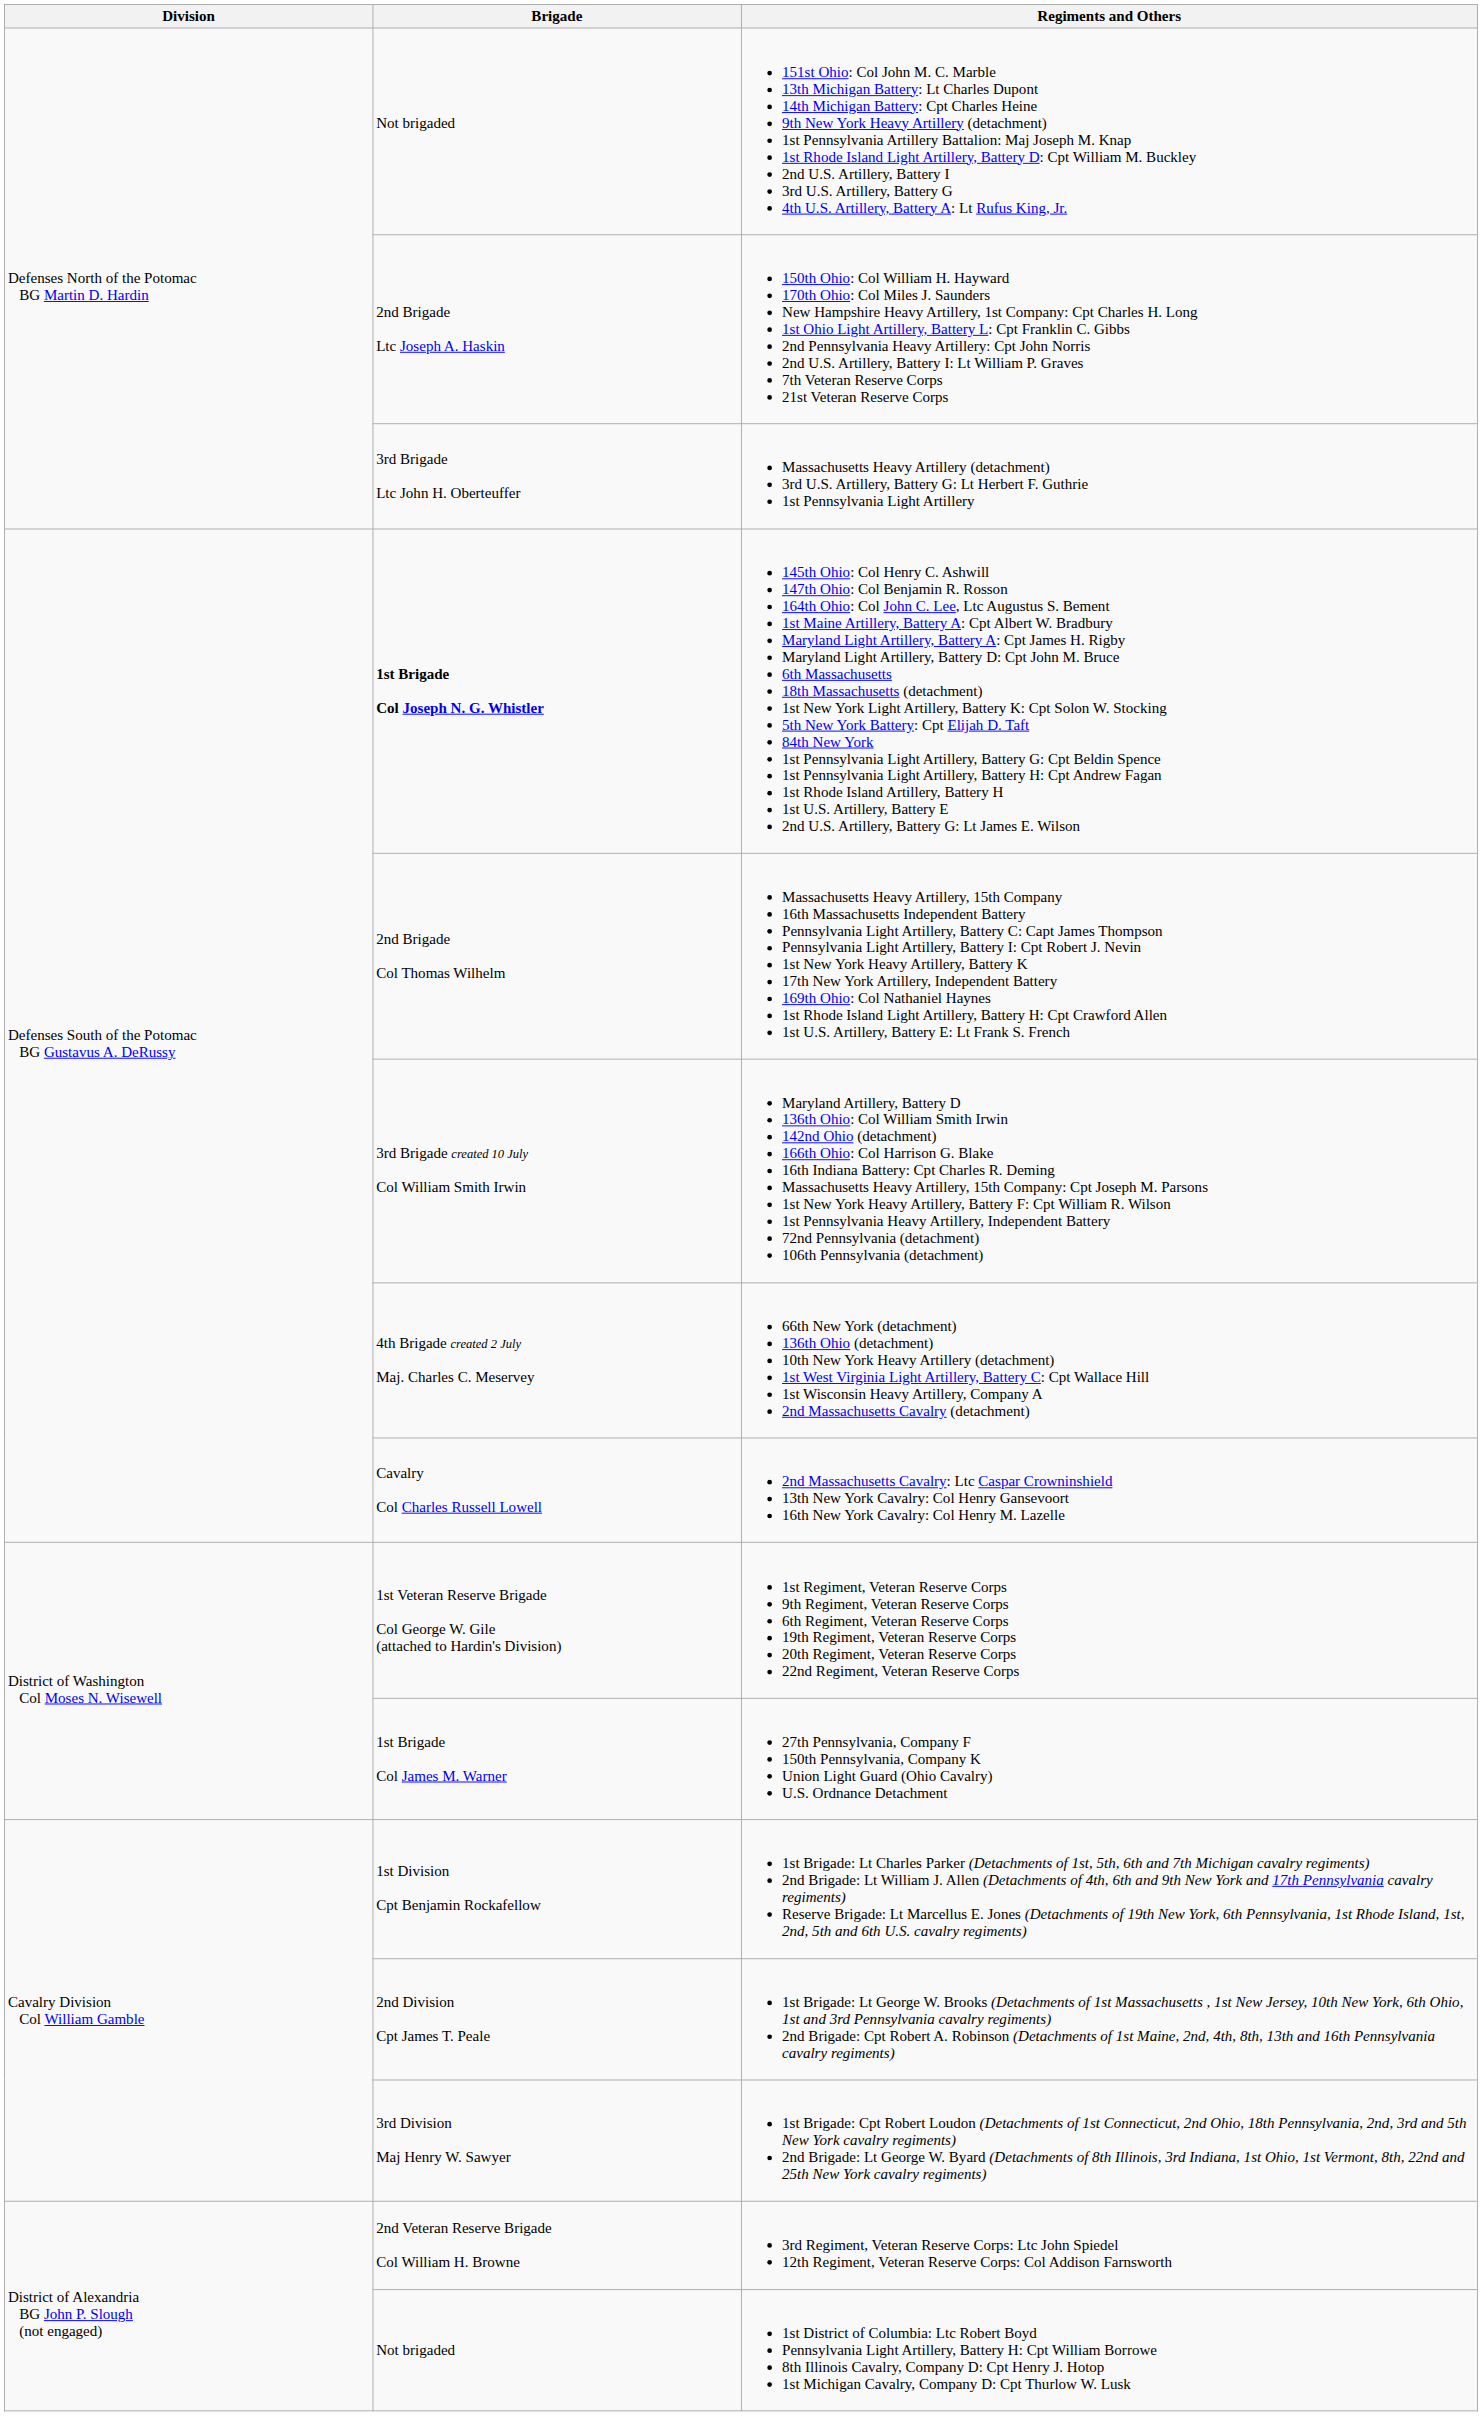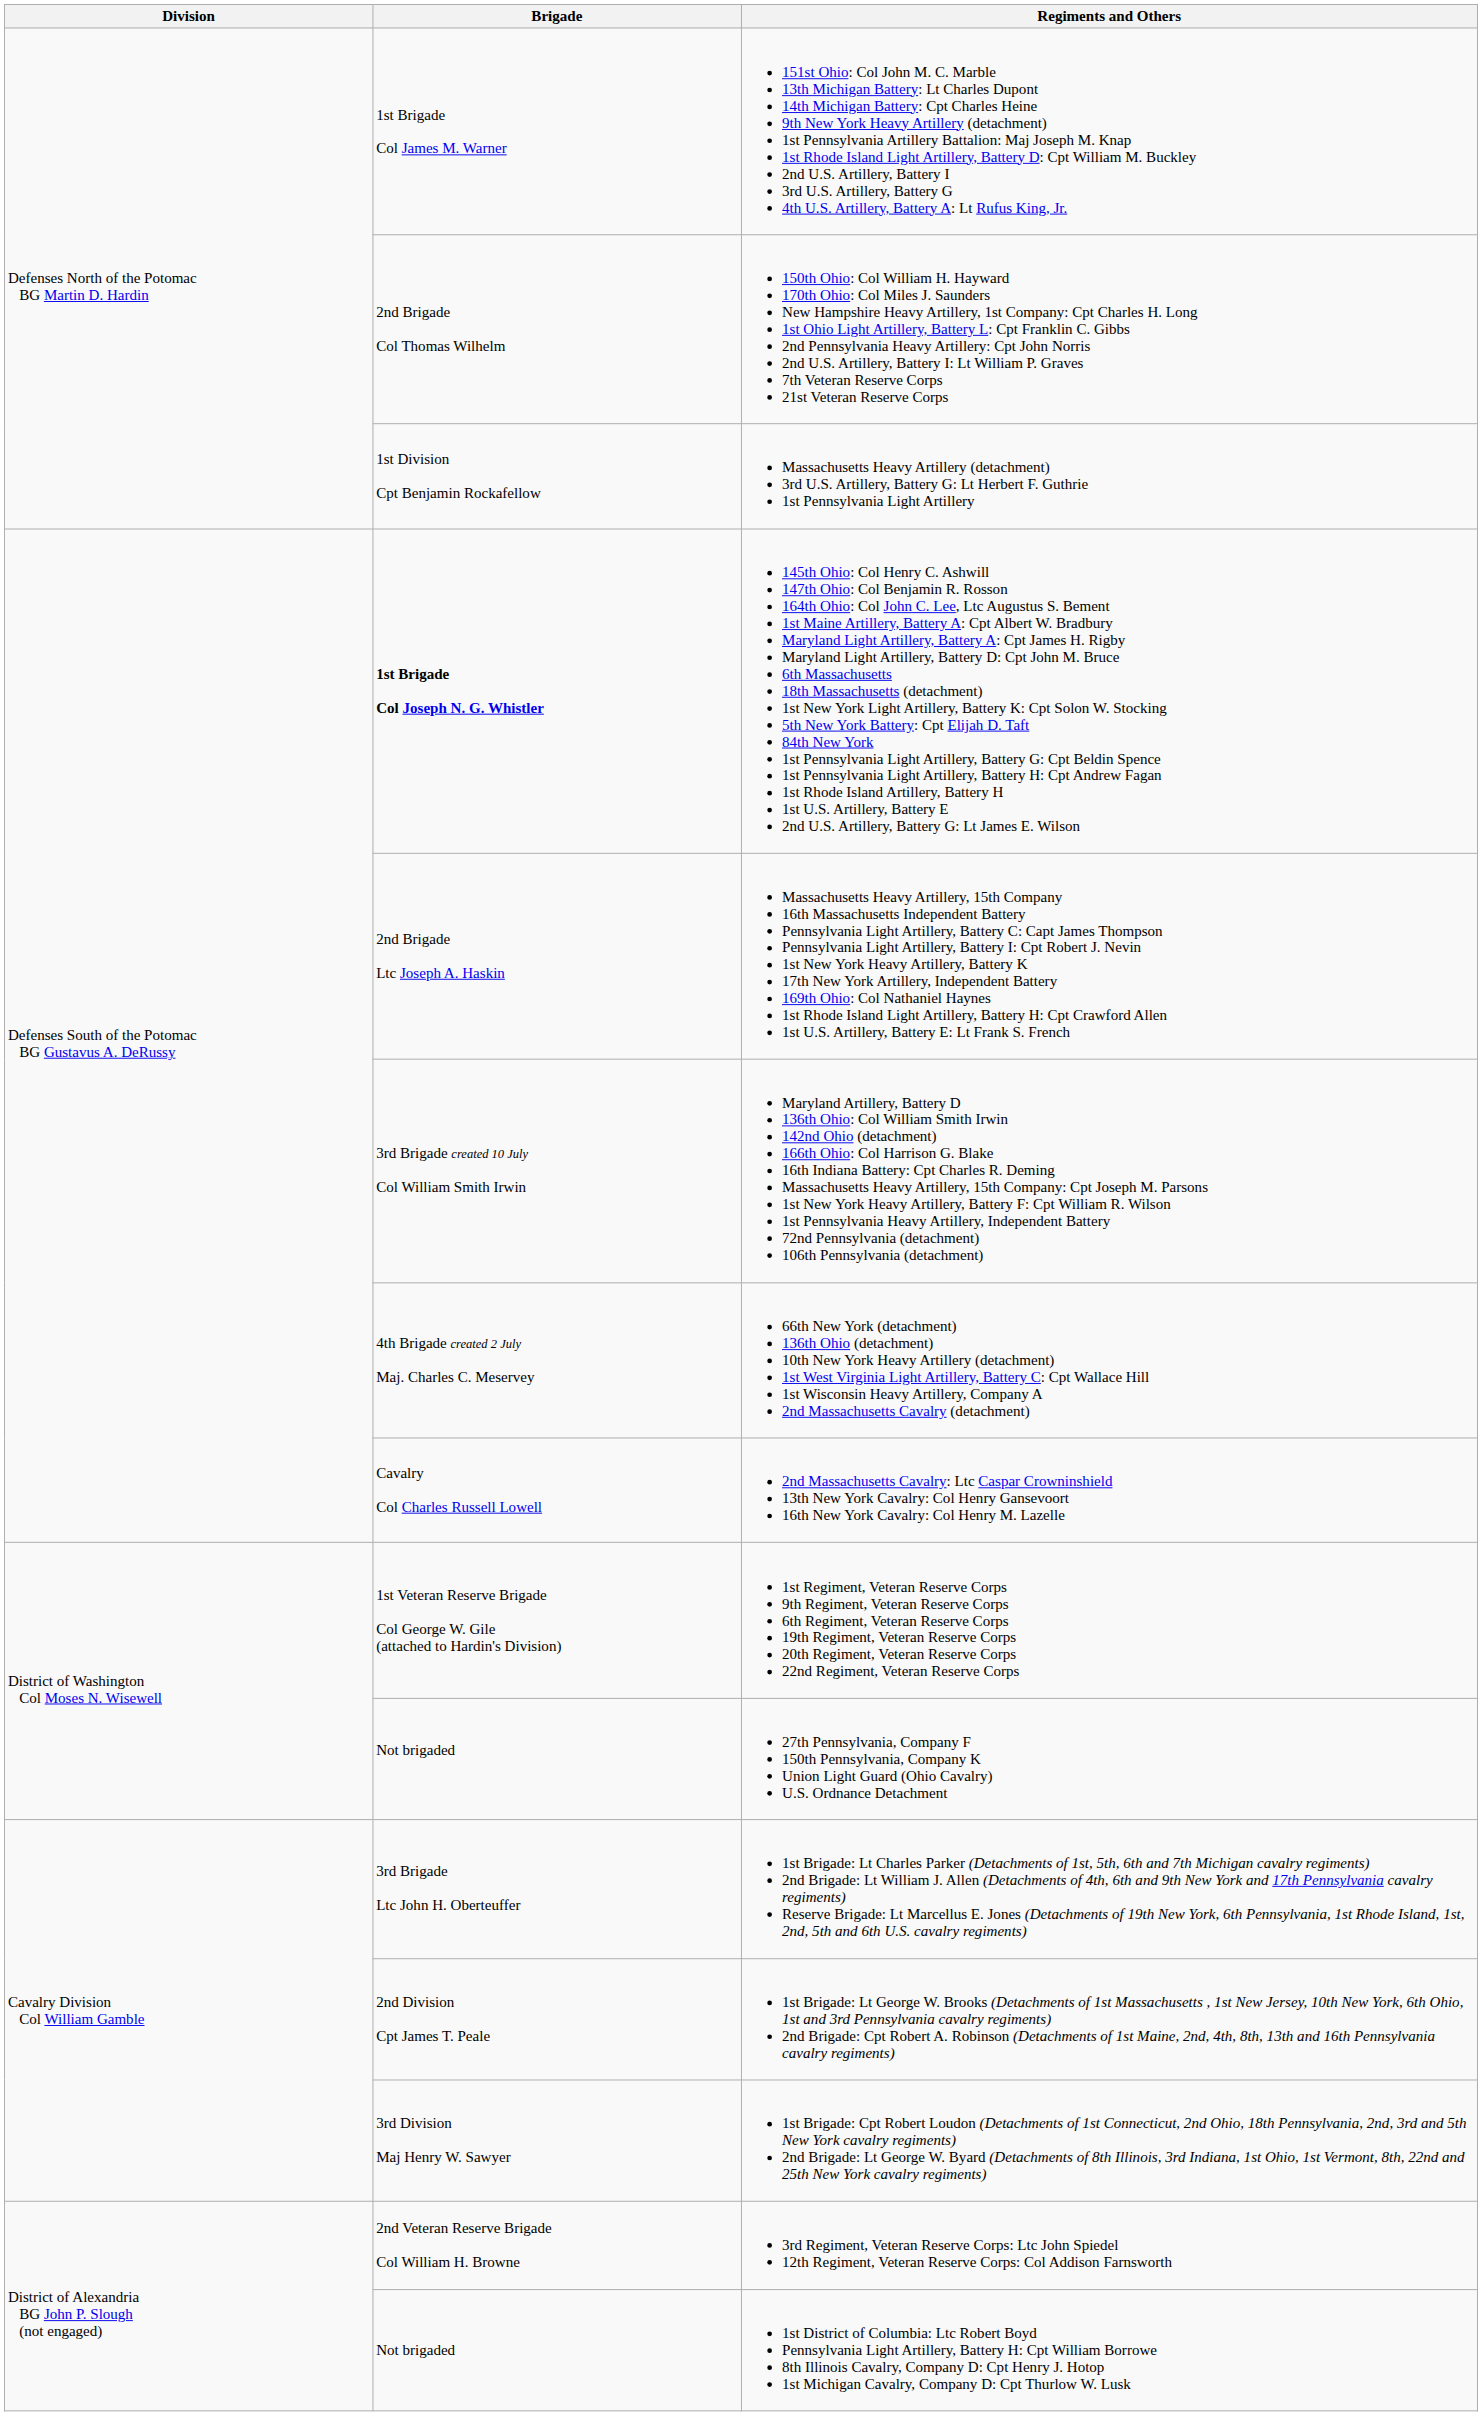 <table class="wikitable">
 <tr>
 <th width=25%>Division</th>
 <th width=25%>Brigade</th>
 <th>Regiments and Others</th>
 </tr>
 <tr>
 <td rowspan=3><br>Defenses North of the Potomac <br>   BG <a href='#'>Martin D. Hardin</a></td>
-<td>Not brigaded<br><br></td>
+<td>1st Brigade<br><br> Col <a href='#'>James M. Warner</a></td>
 <td><br><ul><li><a href='#'>151st Ohio</a>: Col John M. C. Marble</li><li><a href='#'>13th Michigan Battery</a>: Lt Charles Dupont</li><li><a href='#'>14th Michigan Battery</a>: Cpt Charles Heine</li><li><a href='#'>9th New York Heavy Artillery</a> (detachment)</li><li>1st Pennsylvania Artillery Battalion: Maj Joseph M. Knap</li><li><a href='#'>1st Rhode Island Light Artillery, Battery D</a>: Cpt William M. Buckley</li><li>2nd U.S. Artillery, Battery I</li><li>3rd U.S. Artillery, Battery G</li><li><a href='#'>4th U.S. Artillery, Battery A</a>: Lt <a href='#'>Rufus King, Jr.</a></li></ul></td>
 </tr>
 <tr>
-<td>2nd Brigade<br><br> Ltc <a href='#'>Joseph A. Haskin</a></td>
+<td>2nd Brigade<br><br> Col Thomas Wilhelm</td>
 <td><br><ul><li><a href='#'>150th Ohio</a>: Col William H. Hayward</li><li><a href='#'>170th Ohio</a>: Col Miles J. Saunders</li><li>New Hampshire Heavy Artillery, 1st Company: Cpt Charles H. Long</li><li><a href='#'>1st Ohio Light Artillery, Battery L</a>: Cpt Franklin C. Gibbs</li><li>2nd Pennsylvania Heavy Artillery: Cpt John Norris</li><li>2nd U.S. Artillery, Battery I: Lt William P. Graves</li><li>7th Veteran Reserve Corps</li><li>21st Veteran Reserve Corps</li></ul></td>
 </tr>
 <tr>
-<td>3rd Brigade<br><br> Ltc John H. Oberteuffer</td>
+<td>1st Division<br><br> Cpt Benjamin Rockafellow</td>
 <td><br><ul><li>Massachusetts Heavy Artillery (detachment)</li><li>3rd U.S. Artillery, Battery G: Lt Herbert F. Guthrie</li><li>1st Pennsylvania Light Artillery</li></ul></td>
 </tr>
 <tr>
 <td rowspan=5><br>Defenses South of the Potomac <br>   BG <a href='#'>Gustavus A. DeRussy</a><br></td>
 <td><strong>1st Brigade<br><br> Col <a href='#'>Joseph N. G. Whistler</a></strong></td>
 <td><br><ul><li><a href='#'>145th Ohio</a>: Col Henry C. Ashwill</li><li><a href='#'>147th Ohio</a>: Col Benjamin R. Rosson</li><li><a href='#'>164th Ohio</a>: Col <a href='#'>John C. Lee</a>, Ltc Augustus S. Bement</li><li><a href='#'>1st Maine Artillery, Battery A</a>: Cpt Albert W. Bradbury</li><li><a href='#'>Maryland Light Artillery, Battery A</a>: Cpt James H. Rigby</li><li>Maryland Light Artillery, Battery D: Cpt John M. Bruce</li><li><a href='#'>6th Massachusetts</a></li><li><a href='#'>18th Massachusetts</a> (detachment)</li><li>1st New York Light Artillery, Battery K: Cpt Solon W. Stocking</li><li><a href='#'>5th New York Battery</a>: Cpt <a href='#'>Elijah D. Taft</a></li><li><a href='#'>84th New York</a></li><li>1st Pennsylvania Light Artillery, Battery G: Cpt Beldin Spence</li><li>1st Pennsylvania Light Artillery, Battery H: Cpt Andrew Fagan</li><li>1st Rhode Island Artillery, Battery H</li><li>1st U.S. Artillery, Battery E</li><li>2nd U.S. Artillery, Battery G: Lt James E. Wilson</li></ul></td>
 </tr>
 <tr>
-<td>2nd Brigade<br><br> Col Thomas Wilhelm</td>
+<td>2nd Brigade<br><br> Ltc <a href='#'>Joseph A. Haskin</a></td>
 <td><br><ul><li>Massachusetts Heavy Artillery, 15th Company</li><li>16th Massachusetts Independent Battery</li><li>Pennsylvania Light Artillery, Battery C: Capt James Thompson</li><li>Pennsylvania Light Artillery, Battery I: Cpt Robert J. Nevin</li><li>1st New York Heavy Artillery, Battery K</li><li>17th New York Artillery, Independent Battery</li><li><a href='#'>169th Ohio</a>: Col Nathaniel Haynes</li><li>1st Rhode Island Light Artillery, Battery H: Cpt Crawford Allen</li><li>1st U.S. Artillery, Battery E: Lt Frank S. French</li></ul></td>
 </tr>
 <tr>
 <td>3rd Brigade <small><em>created 10 July</em></small><br><br> Col William Smith Irwin</td>
 <td><br><ul><li>Maryland Artillery, Battery D</li><li><a href='#'>136th Ohio</a>: Col William Smith Irwin</li><li><a href='#'>142nd Ohio</a> (detachment)</li><li><a href='#'>166th Ohio</a>: Col Harrison G. Blake</li><li>16th Indiana Battery: Cpt Charles R. Deming</li><li>Massachusetts Heavy Artillery, 15th Company: Cpt Joseph M. Parsons</li><li>1st New York Heavy Artillery, Battery F: Cpt William R. Wilson</li><li>1st Pennsylvania Heavy Artillery, Independent Battery</li><li>72nd Pennsylvania (detachment)</li><li>106th Pennsylvania (detachment)</li></ul></td>
 </tr>
 <tr>
 <td>4th Brigade <small><em>created 2 July</em></small><br><br> Maj. Charles C. Meservey</td>
 <td><br><ul><li>66th New York (detachment)</li><li><a href='#'>136th Ohio</a> (detachment)</li><li>10th New York Heavy Artillery (detachment)</li><li><a href='#'>1st West Virginia Light Artillery, Battery C</a>: Cpt Wallace Hill</li><li>1st Wisconsin Heavy Artillery, Company A</li><li><a href='#'>2nd Massachusetts Cavalry</a> (detachment)</li></ul></td>
 </tr>
 <tr>
 <td>Cavalry<br><br> Col <a href='#'>Charles Russell Lowell</a></td>
 <td><br><ul><li><a href='#'>2nd Massachusetts Cavalry</a>: Ltc <a href='#'>Caspar Crowninshield</a></li><li>13th New York Cavalry: Col Henry Gansevoort</li><li>16th New York Cavalry: Col Henry M. Lazelle</li></ul></td>
 </tr>
 <tr>
 <td rowspan=2><br>District of Washington <br>   Col <a href='#'>Moses N. Wisewell</a><br></td>
 <td>1st Veteran Reserve Brigade<br><br> Col George W. Gile<br>(attached to Hardin's Division)</td>
 <td><br><ul><li>1st Regiment, Veteran Reserve Corps</li><li>9th Regiment, Veteran Reserve Corps</li><li>6th Regiment, Veteran Reserve Corps</li><li>19th Regiment, Veteran Reserve Corps</li><li>20th Regiment, Veteran Reserve Corps</li><li>22nd Regiment, Veteran Reserve Corps</li></ul></td>
 </tr>
 <tr>
-<td>1st Brigade<br><br> Col <a href='#'>James M. Warner</a></td>
+<td>Not brigaded<br><br></td>
 <td><br><ul><li>27th Pennsylvania, Company F</li><li>150th Pennsylvania, Company K</li><li>Union Light Guard (Ohio Cavalry)</li><li>U.S. Ordnance Detachment</li></ul></td>
 </tr>
 <tr>
 <td rowspan=3><br>Cavalry Division <br>   Col <a href='#'>William Gamble</a><br>   </td>
-<td>1st Division<br><br> Cpt Benjamin Rockafellow</td>
+<td>3rd Brigade<br><br> Ltc John H. Oberteuffer</td>
 <td><br><ul><li>1st Brigade: Lt Charles Parker <em>(Detachments of 1st, 5th, 6th and 7th Michigan cavalry regiments)</em></li><li>2nd Brigade: Lt William J. Allen <em>(Detachments of 4th, 6th and 9th New York and <a href='#'>17th Pennsylvania</a> cavalry regiments)</em></li><li>Reserve Brigade: Lt Marcellus E. Jones <em>(Detachments of 19th New York, 6th Pennsylvania, 1st Rhode Island, 1st, 2nd, 5th and 6th U.S. cavalry regiments)</em></li></ul></td>
 </tr>
 <tr>
 <td>2nd Division<br><br> Cpt James T. Peale</td>
 <td><br><ul><li>1st Brigade: Lt George W. Brooks <em>(Detachments of 1st Massachusetts , 1st New Jersey, 10th New York, 6th Ohio, 1st and 3rd Pennsylvania cavalry regiments)</em></li><li>2nd Brigade: Cpt Robert A. Robinson <em>(Detachments of 1st Maine, 2nd, 4th, 8th, 13th and 16th Pennsylvania cavalry regiments)</em></li></ul></td>
 </tr>
 <tr>
 <td>3rd Division<br><br> Maj Henry W. Sawyer</td>
 <td><br><ul><li>1st Brigade: Cpt Robert Loudon <em>(Detachments of 1st Connecticut, 2nd Ohio, 18th Pennsylvania, 2nd, 3rd and 5th New York cavalry regiments)</em></li><li>2nd Brigade: Lt George W. Byard <em>(Detachments of 8th Illinois, 3rd Indiana, 1st Ohio, 1st Vermont, 8th, 22nd and 25th New York cavalry regiments)</em></li></ul></td>
 </tr>
 <tr>
 <td rowspan=2><br>District of Alexandria <br>   BG <a href='#'>John P. Slough</a><br>    (not engaged)</td>
 <td>2nd Veteran Reserve Brigade<br><br> Col William H. Browne</td>
 <td><br><ul><li>3rd Regiment, Veteran Reserve Corps: Ltc John Spiedel</li><li>12th Regiment, Veteran Reserve Corps: Col Addison Farnsworth</li></ul></td>
 </tr>
 <tr>
 <td>Not brigaded</td>
 <td><br><ul><li>1st District of Columbia: Ltc Robert Boyd</li><li>Pennsylvania Light Artillery, Battery H: Cpt William Borrowe</li><li>8th Illinois Cavalry, Company D: Cpt Henry J. Hotop</li><li>1st Michigan Cavalry, Company D: Cpt Thurlow W. Lusk</li></ul></td>
 </tr>
 </table>
